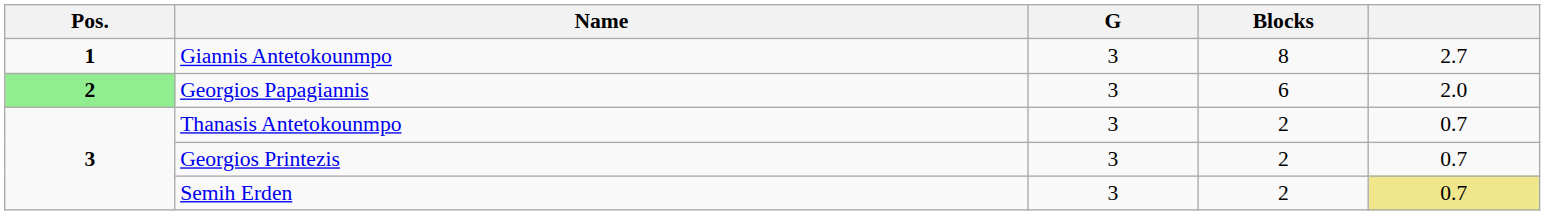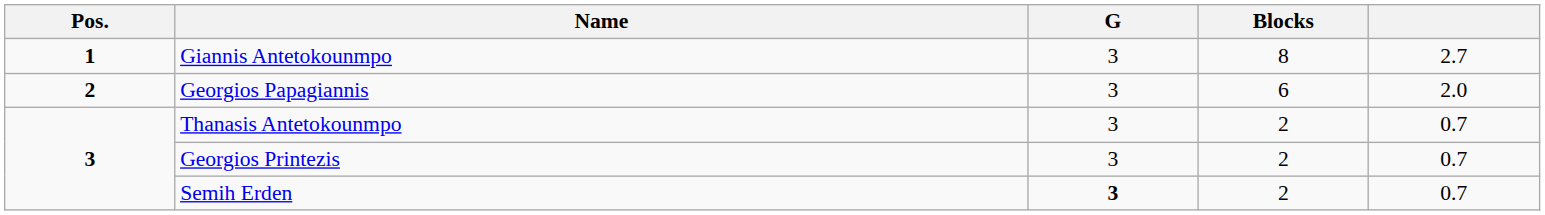 <table class=wikitable width="90%">
 <tr>
 <th width="10%">Pos.</th>
 <th width="50%">Name</th>
 <th width="10%">G</th>
 <th width="10%">Blocks</th>
 <th width="10%"></th>
 </tr>
 <tr align=center>
 <td><strong>1</strong></td>
 <td align=left> <a href='#'>Giannis Antetokounmpo</a></td>
 <td>3</td>
 <td>8</td>
 <td>2.7</td>
 </tr>
 <tr align=center>
-<td style="background: lightgreen;"><strong>2</strong></td>
+<td><strong>2</strong></td>
 <td align=left> <a href='#'>Georgios Papagiannis</a></td>
 <td>3</td>
 <td>6</td>
 <td>2.0</td>
 </tr>
 <tr align=center>
 <td rowspan=3><strong>3</strong></td>
 <td align=left> <a href='#'>Thanasis Antetokounmpo</a></td>
 <td>3</td>
 <td>2</td>
 <td>0.7</td>
 </tr>
 <tr align=center>
 <td align=left> <a href='#'>Georgios Printezis</a></td>
 <td>3</td>
 <td>2</td>
 <td>0.7</td>
 </tr>
 <tr align=center>
 <td align=left> <a href='#'>Semih Erden</a></td>
-<td>3</td>
+<td><strong>3</strong></td>
 <td>2</td>
-<td style="background: khaki;">0.7</td>
+<td>0.7</td>
 </tr>
 </table>
